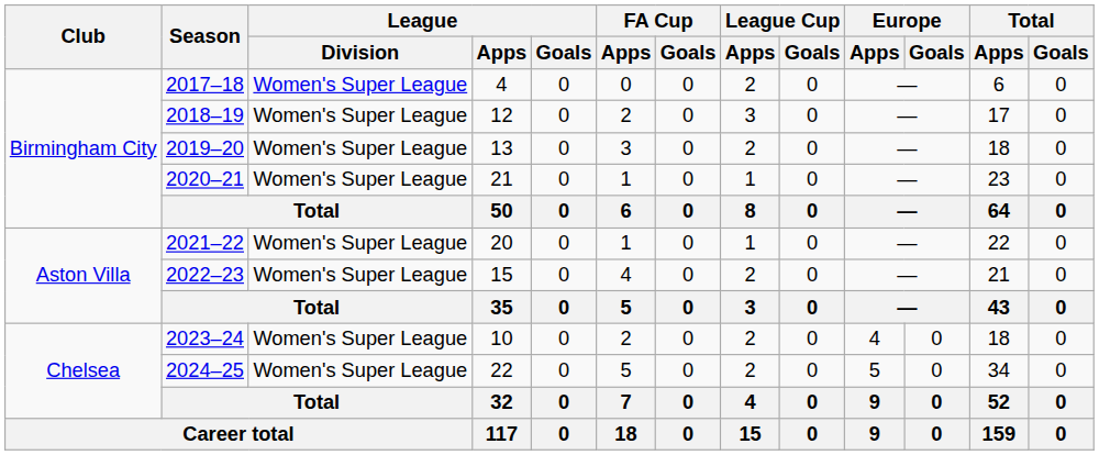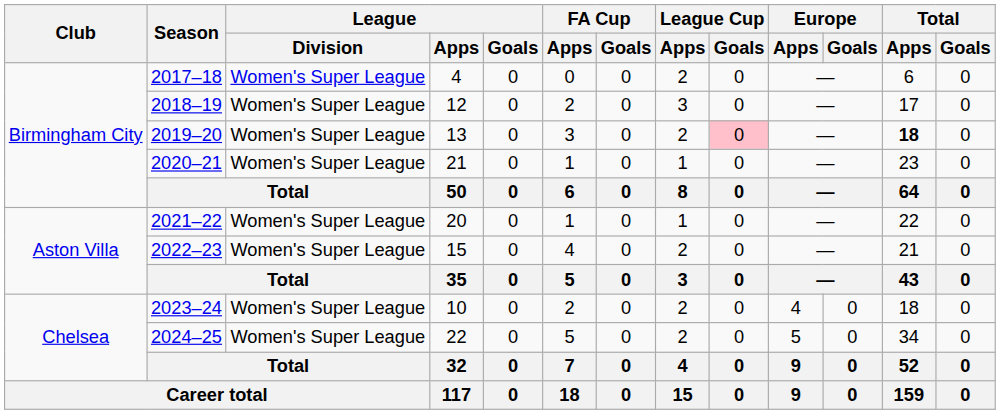 <table class="wikitable" style="text-align: center">
 <tr>
 <th rowspan="2">Club</th>
 <th rowspan="2">Season</th>
 <th colspan="3">League</th>
 <th colspan="2">FA Cup</th>
 <th colspan="2">League Cup</th>
 <th colspan="2">Europe</th>
 <th colspan="2">Total</th>
 </tr>
 <tr>
 <th>Division</th>
 <th>Apps</th>
 <th>Goals</th>
 <th>Apps</th>
 <th>Goals</th>
 <th>Apps</th>
 <th>Goals</th>
 <th>Apps</th>
 <th>Goals</th>
 <th>Apps</th>
 <th>Goals</th>
 </tr>
 <tr>
 <td rowspan="5"><a href='#'>Birmingham City</a></td>
 <td><a href='#'>2017–18</a></td>
 <td><a href='#'>Women's Super League</a></td>
 <td>4</td>
 <td>0</td>
 <td>0</td>
 <td>0</td>
 <td>2</td>
 <td>0</td>
 <td colspan="2">—</td>
 <td>6</td>
 <td>0</td>
 </tr>
 <tr>
 <td><a href='#'>2018–19</a></td>
 <td>Women's Super League</td>
 <td>12</td>
 <td>0</td>
 <td>2</td>
 <td>0</td>
 <td>3</td>
 <td>0</td>
 <td colspan="2">—</td>
 <td>17</td>
 <td>0</td>
 </tr>
 <tr>
 <td><a href='#'>2019–20</a></td>
 <td>Women's Super League</td>
 <td>13</td>
 <td>0</td>
 <td>3</td>
 <td>0</td>
 <td>2</td>
-<td>0</td>
+<td style="background: pink;">0</td>
 <td colspan="2">—</td>
-<td>18</td>
+<td><strong>18</strong></td>
 <td>0</td>
 </tr>
 <tr>
 <td><a href='#'>2020–21</a></td>
 <td>Women's Super League</td>
 <td>21</td>
 <td>0</td>
 <td>1</td>
 <td>0</td>
 <td>1</td>
 <td>0</td>
 <td colspan=2>—</td>
 <td>23</td>
 <td>0</td>
 </tr>
 <tr>
 <th colspan="2">Total</th>
 <th>50</th>
 <th>0</th>
 <th>6</th>
 <th>0</th>
 <th>8</th>
 <th>0</th>
 <th colspan="2">—</th>
 <th>64</th>
 <th>0</th>
 </tr>
 <tr>
 <td rowspan="3"><a href='#'>Aston Villa</a></td>
 <td><a href='#'>2021–22</a></td>
 <td>Women's Super League</td>
 <td>20</td>
 <td>0</td>
 <td>1</td>
 <td>0</td>
 <td>1</td>
 <td>0</td>
 <td colspan=2>—</td>
 <td>22</td>
 <td>0</td>
 </tr>
 <tr>
 <td><a href='#'>2022–23</a></td>
 <td>Women's Super League</td>
 <td>15</td>
 <td>0</td>
 <td>4</td>
 <td>0</td>
 <td>2</td>
 <td>0</td>
 <td colspan="2">—</td>
 <td>21</td>
 <td>0</td>
 </tr>
 <tr>
 <th colspan="2">Total</th>
 <th>35</th>
 <th>0</th>
 <th>5</th>
 <th>0</th>
 <th>3</th>
 <th>0</th>
 <th colspan="2">—</th>
 <th>43</th>
 <th>0</th>
 </tr>
 <tr>
 <td rowspan="3"><a href='#'>Chelsea</a></td>
 <td><a href='#'>2023–24</a></td>
 <td>Women's Super League</td>
 <td>10</td>
 <td>0</td>
 <td>2</td>
 <td>0</td>
 <td>2</td>
 <td>0</td>
 <td>4</td>
 <td>0</td>
 <td>18</td>
 <td>0</td>
 </tr>
 <tr>
 <td><a href='#'>2024–25</a></td>
 <td>Women's Super League</td>
 <td>22</td>
 <td>0</td>
 <td>5</td>
 <td>0</td>
 <td>2</td>
 <td>0</td>
 <td>5</td>
 <td>0</td>
 <td>34</td>
 <td>0</td>
 </tr>
 <tr>
 <th colspan="2">Total</th>
 <th>32</th>
 <th>0</th>
 <th>7</th>
 <th>0</th>
 <th>4</th>
 <th>0</th>
 <th>9</th>
 <th>0</th>
 <th>52</th>
 <th>0</th>
 </tr>
 <tr>
 <th colspan="3">Career total</th>
 <th>117</th>
 <th>0</th>
 <th>18</th>
 <th>0</th>
 <th>15</th>
 <th>0</th>
 <th>9</th>
 <th>0</th>
 <th>159</th>
 <th>0</th>
 </tr>
 </table>
